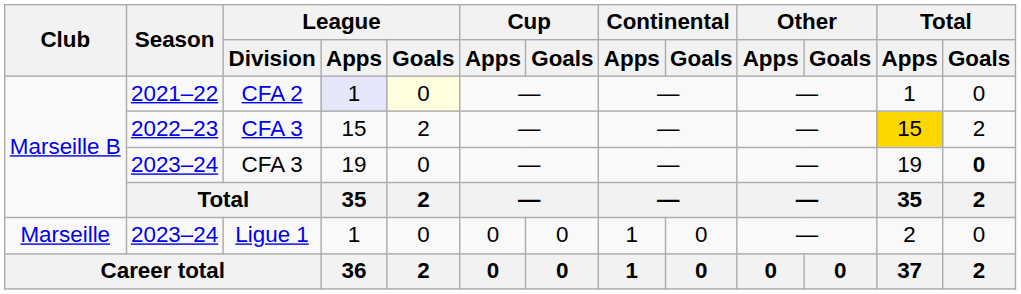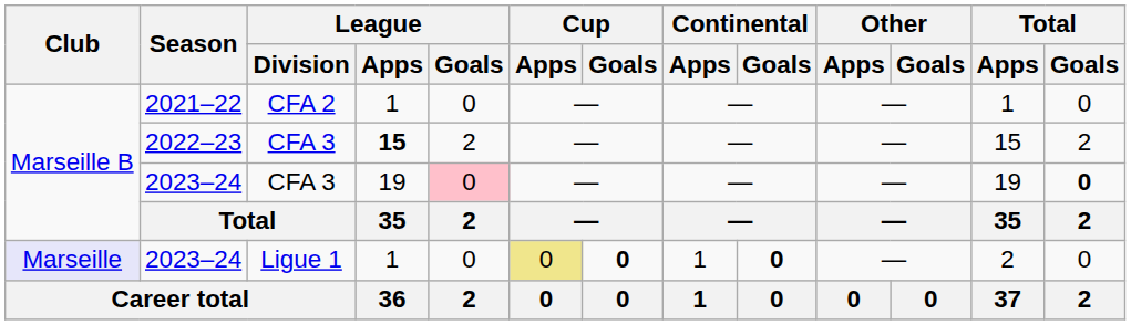 <table class="wikitable" style="text-align: center">
 <tr>
 <th rowspan="2">Club</th>
 <th rowspan="2">Season</th>
 <th colspan="3">League</th>
 <th colspan="2">Cup</th>
 <th colspan="2">Continental</th>
 <th colspan="2">Other</th>
 <th colspan="2">Total</th>
 </tr>
 <tr>
 <th>Division</th>
 <th>Apps</th>
 <th>Goals</th>
 <th>Apps</th>
 <th>Goals</th>
 <th>Apps</th>
 <th>Goals</th>
 <th>Apps</th>
 <th>Goals</th>
 <th>Apps</th>
 <th>Goals</th>
 </tr>
 <tr>
 <td rowspan="4"><a href='#'>Marseille B</a></td>
 <td><a href='#'>2021–22</a></td>
 <td><a href='#'>CFA 2</a></td>
-<td style="background: lavender;">1</td>
-<td style="background: lightyellow;">0</td>
+<td>1</td>
+<td>0</td>
 <td colspan="2">—</td>
 <td colspan="2">—</td>
 <td colspan="2">—</td>
 <td>1</td>
 <td>0</td>
 </tr>
 <tr>
 <td><a href='#'>2022–23</a></td>
 <td><a href='#'>CFA 3</a></td>
-<td>15</td>
+<td><strong>15</strong></td>
 <td>2</td>
 <td colspan="2">—</td>
 <td colspan="2">—</td>
 <td colspan="2">—</td>
-<td style="background: gold;">15</td>
+<td>15</td>
 <td>2</td>
 </tr>
 <tr>
 <td><a href='#'>2023–24</a></td>
 <td>CFA 3</td>
 <td>19</td>
-<td>0</td>
+<td style="background: pink;">0</td>
 <td colspan="2">—</td>
 <td colspan="2">—</td>
 <td colspan="2">—</td>
 <td>19</td>
 <td><strong>0</strong></td>
 </tr>
 <tr>
 <th colspan="2">Total</th>
 <th>35</th>
 <th>2</th>
 <th colspan="2">—</th>
 <th colspan="2">—</th>
 <th colspan="2">—</th>
 <th>35</th>
 <th>2</th>
 </tr>
 <tr>
-<td><a href='#'>Marseille</a></td>
+<td style="background: lavender;"><a href='#'>Marseille</a></td>
 <td><a href='#'>2023–24</a></td>
 <td><a href='#'>Ligue 1</a></td>
 <td>1</td>
 <td>0</td>
-<td>0</td>
-<td>0</td>
+<td style="background: khaki;">0</td>
+<td><strong>0</strong></td>
 <td>1</td>
-<td>0</td>
+<td><strong>0</strong></td>
 <td colspan="2">—</td>
 <td>2</td>
 <td>0</td>
 </tr>
 <tr>
 <th colspan="3">Career total</th>
 <th>36</th>
 <th>2</th>
 <th>0</th>
 <th>0</th>
 <th>1</th>
 <th>0</th>
 <th>0</th>
 <th>0</th>
 <th>37</th>
 <th>2</th>
 </tr>
 </table>
